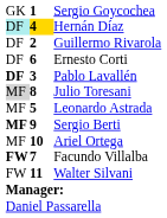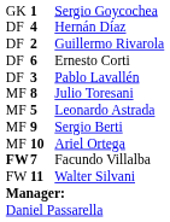 <table style="font-size: 90%" cellspacing="0" cellpadding="0" align="center">
 <tr>
 <td colspan="4"></td>
 </tr>
 <tr>
 <th width=25></th>
 <th width=25></th>
 </tr>
 <tr>
 <td>GK</td>
 <td><strong>1</strong></td>
 <td> <a href='#'>Sergio Goycochea</a></td>
 </tr>
 <tr>
-<td style="background: paleturquoise;">DF</td>
-<td style="background: gold;"><strong>4</strong></td>
+<td>DF</td>
+<td><strong>4</strong></td>
 <td> <a href='#'>Hernán Díaz</a></td>
 </tr>
 <tr>
 <td>DF</td>
 <td><strong>2</strong></td>
 <td> <a href='#'>Guillermo Rivarola</a></td>
 </tr>
 <tr>
 <td>DF</td>
 <td><strong>6</strong></td>
 <td> Ernesto Corti</td>
 </tr>
 <tr>
-<td><strong>DF</strong></td>
+<td>DF</td>
 <td><strong>3</strong></td>
 <td> <a href='#'>Pablo Lavallén</a></td>
 </tr>
 <tr>
-<td style="background: lightgrey;">MF</td>
+<td>MF</td>
 <td><strong>8</strong></td>
 <td> <a href='#'>Julio Toresani</a></td>
 </tr>
 <tr>
 <td>MF</td>
 <td><strong>5</strong></td>
 <td> <a href='#'>Leonardo Astrada</a></td>
 </tr>
 <tr>
-<td><strong>MF</strong></td>
+<td>MF</td>
 <td><strong>9</strong></td>
 <td> <a href='#'>Sergio Berti</a></td>
 </tr>
 <tr>
 <td>MF</td>
 <td><strong>10</strong></td>
 <td> <a href='#'>Ariel Ortega</a></td>
 </tr>
 <tr>
 <td><strong>FW</strong></td>
 <td><strong>7</strong></td>
 <td> Facundo Villalba</td>
 </tr>
 <tr>
 <td>FW</td>
 <td><strong>11</strong></td>
 <td> <a href='#'>Walter Silvani</a></td>
 </tr>
 <tr>
 <td colspan=4><strong>Manager:</strong></td>
 </tr>
 <tr>
 <td colspan="4"> <a href='#'>Daniel Passarella</a></td>
 </tr>
 </table>
